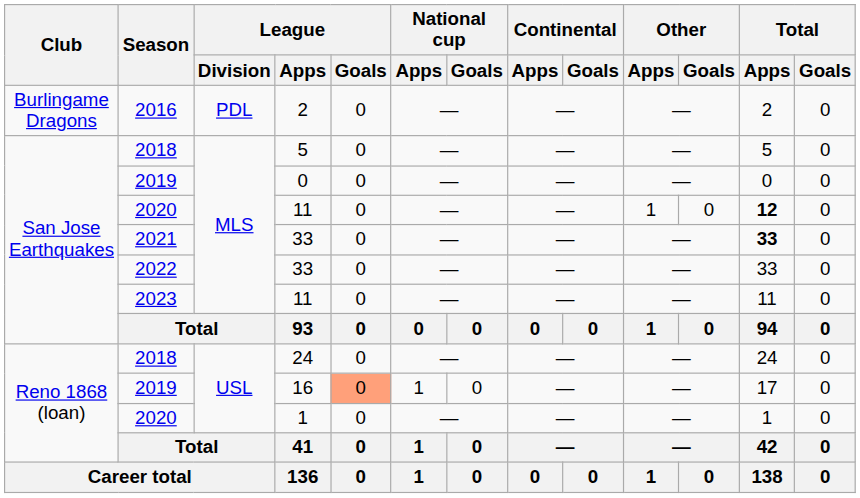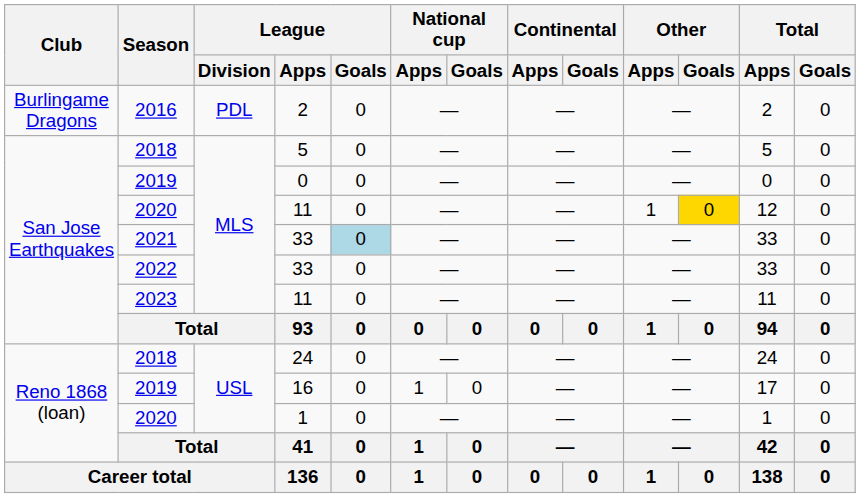 <table class="wikitable" Style="text-align: center">
 <tr>
 <th rowspan="2">Club</th>
 <th rowspan="2">Season</th>
 <th colspan="3">League</th>
 <th colspan="2">National cup</th>
 <th colspan="2">Continental</th>
 <th colspan="2">Other</th>
 <th colspan="2">Total</th>
 </tr>
 <tr>
 <th>Division</th>
 <th>Apps</th>
 <th>Goals</th>
 <th>Apps</th>
 <th>Goals</th>
 <th>Apps</th>
 <th>Goals</th>
 <th>Apps</th>
 <th>Goals</th>
 <th>Apps</th>
 <th>Goals</th>
 </tr>
 <tr>
 <td><a href='#'>Burlingame Dragons</a></td>
 <td><a href='#'>2016</a></td>
 <td><a href='#'>PDL</a></td>
 <td>2</td>
 <td>0</td>
 <td colspan=2>—</td>
 <td colspan=2>—</td>
 <td colspan=2>—</td>
 <td>2</td>
 <td>0</td>
 </tr>
 <tr>
 <td rowspan="7"><a href='#'>San Jose Earthquakes</a></td>
 <td><a href='#'>2018</a></td>
 <td rowspan="6"><a href='#'>MLS</a></td>
 <td>5</td>
 <td>0</td>
 <td colspan="2">—</td>
 <td colspan="2">—</td>
 <td colspan="2">—</td>
 <td>5</td>
 <td>0</td>
 </tr>
 <tr>
 <td><a href='#'>2019</a></td>
 <td>0</td>
 <td>0</td>
 <td colspan="2">—</td>
 <td colspan="2">—</td>
 <td colspan="2">—</td>
 <td>0</td>
 <td>0</td>
 </tr>
 <tr>
 <td><a href='#'>2020</a></td>
 <td>11</td>
 <td>0</td>
 <td colspan="2">—</td>
 <td colspan="2">—</td>
 <td>1</td>
-<td>0</td>
-<td><strong>12</strong></td>
+<td style="background: gold;">0</td>
+<td>12</td>
 <td>0</td>
 </tr>
 <tr>
 <td><a href='#'>2021</a></td>
 <td>33</td>
-<td>0</td>
+<td style="background: lightblue;">0</td>
 <td colspan="2">—</td>
 <td colspan="2">—</td>
 <td colspan="2">—</td>
-<td><strong>33</strong></td>
+<td>33</td>
 <td>0</td>
 </tr>
 <tr>
 <td><a href='#'>2022</a></td>
 <td>33</td>
 <td>0</td>
 <td colspan="2">—</td>
 <td colspan="2">—</td>
 <td colspan="2">—</td>
 <td>33</td>
 <td>0</td>
 </tr>
 <tr>
 <td><a href='#'>2023</a></td>
 <td>11</td>
 <td>0</td>
 <td colspan="2">—</td>
 <td colspan="2">—</td>
 <td colspan="2">—</td>
 <td>11</td>
 <td>0</td>
 </tr>
 <tr>
 <th colspan="2">Total</th>
 <th>93</th>
 <th>0</th>
 <th>0</th>
 <th>0</th>
 <th>0</th>
 <th>0</th>
 <th>1</th>
 <th>0</th>
 <th>94</th>
 <th>0</th>
 </tr>
 <tr>
 <td rowspan="4"><a href='#'>Reno 1868</a> (loan)</td>
 <td><a href='#'>2018</a></td>
 <td rowspan="3"><a href='#'>USL</a></td>
 <td>24</td>
 <td>0</td>
 <td colspan="2">—</td>
 <td colspan="2">—</td>
 <td colspan="2">—</td>
 <td>24</td>
 <td>0</td>
 </tr>
 <tr>
 <td><a href='#'>2019</a></td>
 <td>16</td>
-<td style="background: lightsalmon;">0</td>
+<td>0</td>
 <td>1</td>
 <td>0</td>
 <td colspan="2">—</td>
 <td colspan="2">—</td>
 <td>17</td>
 <td>0</td>
 </tr>
 <tr>
 <td><a href='#'>2020</a></td>
 <td>1</td>
 <td>0</td>
 <td colspan="2">—</td>
 <td colspan="2">—</td>
 <td colspan="2">—</td>
 <td>1</td>
 <td>0</td>
 </tr>
 <tr>
 <th colspan="2">Total</th>
 <th>41</th>
 <th>0</th>
 <th>1</th>
 <th>0</th>
 <th colspan="2">—</th>
 <th colspan="2">—</th>
 <th>42</th>
 <th>0</th>
 </tr>
 <tr>
 <th colspan="3">Career total</th>
 <th>136</th>
 <th>0</th>
 <th>1</th>
 <th>0</th>
 <th>0</th>
 <th>0</th>
 <th>1</th>
 <th>0</th>
 <th>138</th>
 <th>0</th>
 </tr>
 </table>
